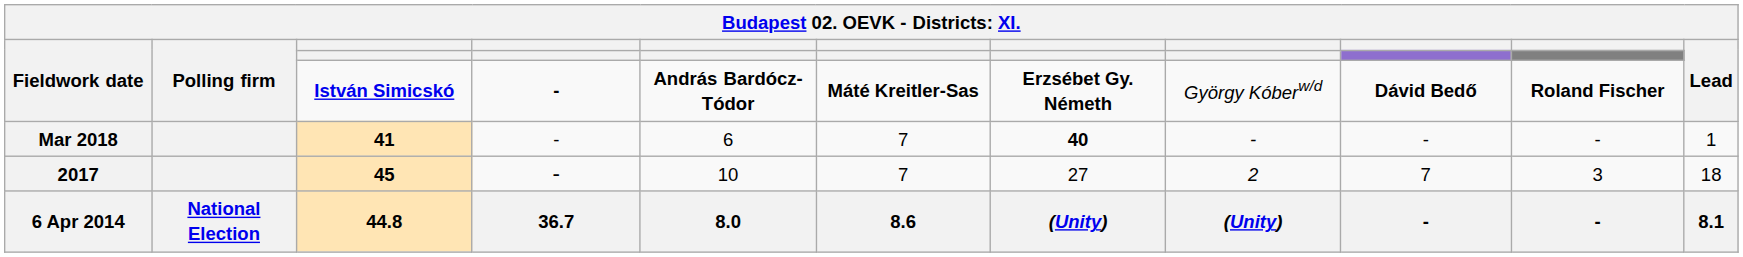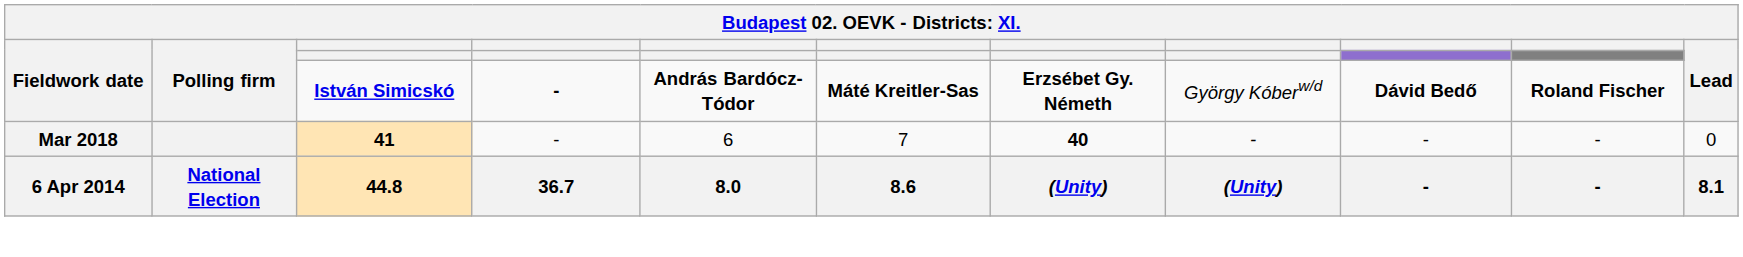 <table class="wikitable mw-collapsible mw-collapsed" style="text-align:center">
 <tr>
 <th colspan="11" style="width: 980pt;"><small><a href='#'>Budapest</a> 02. OEVK -</small> <small>Districts: <a href='#'>XI.</a></small></th>
 </tr>
 <tr>
 <th rowspan="3" style="width: 80pt;"><small>Fieldwork</small> <small>date</small></th>
 <th rowspan="3" style="width: 80pt;"><strong><small>Polling</small> <small>firm</small></strong></th>
 <th style="width: 100pt;"><small></small></th>
 <th style="width: 100pt;"><small> </small></th>
 <th style="width: 100pt;"></th>
 <th style="width: 100pt;"></th>
 <th style="width: 100pt;"></th>
 <th style="width: 100pt;"></th>
 <th style="width: 100pt;"></th>
 <th style="width: 100pt;"></th>
 <th rowspan="3" style="width: 20pt;"><small>Lead</small></th>
 </tr>
 <tr>
 <th style="color:inherit;background:"></th>
 <th style="color:inherit;background:"></th>
 <th style="color:inherit;background:"></th>
 <th style="color:inherit;background:"></th>
 <th style="color:inherit;background:"></th>
 <th style="color:inherit;background:"></th>
 <th style="color:inherit;background:#8E6FCE;"></th>
 <th style="color:inherit;background:#808080;"></th>
 </tr>
 <tr>
 <td><a href='#'><small><strong>István Simicskó</strong></small></a></td>
 <td><small><strong>-</strong></small></td>
 <td><small><strong>András</strong></small> <small><strong>Bardócz-Tódor</strong></small></td>
 <td><small><strong>Máté Kreitler-Sas</strong></small></td>
 <td><small><strong>Erzsébet Gy. Németh</strong></small></td>
 <td><small><em>György Kóber<sup>w/d</sup></em></small></td>
 <td><small><strong>Dávid Bedő</strong></small></td>
 <td><small><strong>Roland Fischer</strong></small></td>
 </tr>
 <tr>
 <th><small>Mar 2018</small></th>
 <th><small></small></th>
 <td style="background:#FFE5B4"><strong><small>41</small></strong></td>
 <td><small>-</small></td>
 <td><small>6</small></td>
 <td><small>7</small></td>
 <td><strong><small>40</small></strong></td>
 <td><small><em>-</em></small></td>
 <td><small>-</small></td>
 <td><small>-</small></td>
-<td style="background:"><small>1</small></td>
-</tr>
-<tr>
-<th><small>2017</small></th>
-<th><small></small></th>
-<td style="background:#FFE5B4"><strong><small>45</small></strong></td>
-<td>-</td>
-<td><small>10</small></td>
-<td><small>7</small></td>
-<td><small>27</small></td>
-<td><small><em>2</em></small></td>
-<td><small>7</small></td>
-<td><small>3</small></td>
-<td style="background:"><small>18</small></td>
+<td style="background:"><small>0</small></td>
 </tr>
 <tr>
 <th><small>6 Apr 2014</small></th>
 <th><a href='#'><small>National Election</small></a></th>
 <th style="background:#FFE5B4"><strong><small>44.8</small></strong></th>
 <th><small>36.7</small></th>
 <th><small>8.0</small></th>
 <th><small>8.6</small></th>
 <th><small><em>(<a href='#'>Unity</a>)</em></small></th>
 <th><small><em>(<a href='#'>Unity</a>)</em></small></th>
 <th><small>-</small></th>
 <th><small>-</small></th>
 <th style="background:"><small>8.1</small></th>
 </tr>
 </table>
